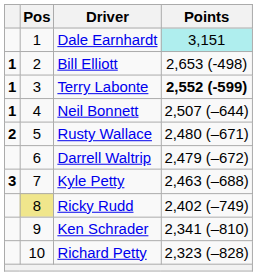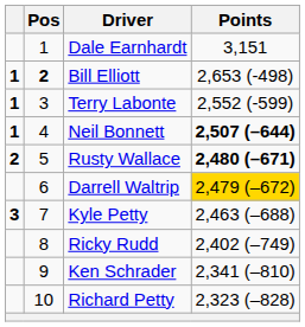 <table class="wikitable" style="font-size: 95%;">
 <tr>
 <th></th>
 <th>Pos</th>
 <th>Driver</th>
 <th>Points</th>
 </tr>
 <tr>
 <td align="left"></td>
 <td style="text-align:center;">1</td>
 <td><a href='#'>Dale Earnhardt</a></td>
-<td style="background: paleturquoise; text-align:center;">3,151</td>
+<td style="text-align:center;">3,151</td>
 </tr>
 <tr>
 <td align="left">  <strong>1</strong></td>
-<td style="text-align:center;">2</td>
+<td style="text-align:center;"><strong>2</strong></td>
 <td><a href='#'>Bill Elliott</a></td>
 <td style="text-align:center;">2,653 (-498)</td>
 </tr>
 <tr>
 <td align="left">  <strong>1</strong></td>
 <td style="text-align:center;">3</td>
 <td><a href='#'>Terry Labonte</a></td>
-<td style="text-align:center;"><strong>2,552 (-599)</strong></td>
+<td style="text-align:center;">2,552 (-599)</td>
 </tr>
 <tr>
 <td align="left">  <strong>1</strong></td>
 <td style="text-align:center;">4</td>
 <td><a href='#'>Neil Bonnett</a></td>
-<td style="text-align:center;">2,507 (–644)</td>
+<td style="text-align:center;"><strong>2,507 (–644)</strong></td>
 </tr>
 <tr>
 <td align="left">  <strong>2</strong></td>
 <td style="text-align:center;">5</td>
 <td><a href='#'>Rusty Wallace</a></td>
-<td style="text-align:center;">2,480 (–671)</td>
+<td style="text-align:center;"><strong>2,480 (–671)</strong></td>
 </tr>
 <tr>
 <td align="left"></td>
 <td style="text-align:center;">6</td>
 <td><a href='#'>Darrell Waltrip</a></td>
-<td style="text-align:center;">2,479 (–672)</td>
+<td style="background: gold; text-align:center;">2,479 (–672)</td>
 </tr>
 <tr>
 <td align="left">  <strong>3</strong></td>
 <td style="text-align:center;">7</td>
 <td><a href='#'>Kyle Petty</a></td>
 <td style="text-align:center;">2,463 (–688)</td>
 </tr>
 <tr>
 <td align="left"></td>
-<td style="background: khaki; text-align:center;">8</td>
+<td style="text-align:center;">8</td>
 <td><a href='#'>Ricky Rudd</a></td>
 <td style="text-align:center;">2,402 (–749)</td>
 </tr>
 <tr>
 <td align="left"></td>
 <td style="text-align:center;">9</td>
 <td><a href='#'>Ken Schrader</a></td>
 <td style="text-align:center;">2,341 (–810)</td>
 </tr>
 <tr>
 <td align="left"></td>
 <td style="text-align:center;">10</td>
 <td><a href='#'>Richard Petty</a></td>
 <td style="text-align:center;">2,323 (–828)</td>
 </tr>
 <tr class="sortbottom">
 <th colspan="9"></th>
 </tr>
 </table>
